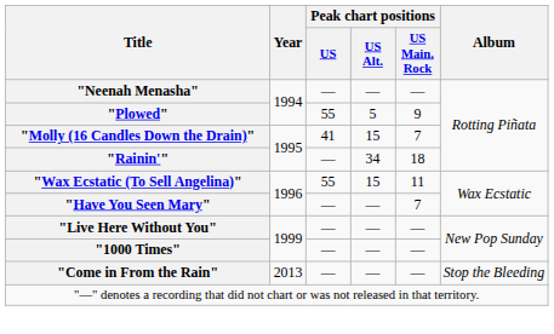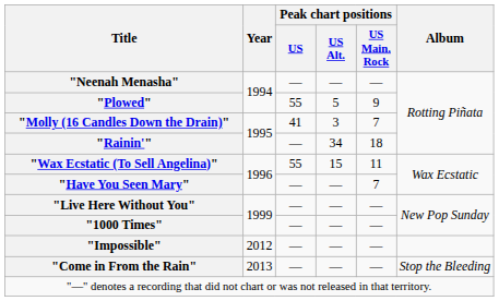 <table class="wikitable plainrowheaders" style="text-align:center;">
 <tr>
 <th scope="col" rowspan="2" style="width:18em;">Title</th>
 <th scope="col" rowspan="2">Year</th>
 <th scope="col" colspan="3">Peak chart positions</th>
 <th scope="col" rowspan="2">Album</th>
 </tr>
 <tr>
 <th scope="col" style="width:3em;font-size:90%;"><a href='#'>US</a><br></th>
 <th scope="col" style="width:3em;font-size:90%;"><a href='#'>US Alt.</a><br></th>
 <th scope="col" style="width:3em;font-size:90%;"><a href='#'>US Main. Rock</a><br></th>
 </tr>
 <tr>
 <th scope="row">"Neenah Menasha"</th>
 <td rowspan="2">1994</td>
 <td>—</td>
 <td>—</td>
 <td>—</td>
 <td rowspan="4"><em>Rotting Piñata</em></td>
 </tr>
 <tr>
 <th scope="row">"<a href='#'>Plowed</a>"</th>
 <td>55</td>
 <td>5</td>
 <td>9</td>
 </tr>
 <tr>
 <th scope="row">"<a href='#'>Molly (16 Candles Down the Drain)</a>"</th>
 <td rowspan="2">1995</td>
 <td>41</td>
-<td>15</td>
+<td>3</td>
 <td>7</td>
 </tr>
 <tr>
 <th scope="row">"<a href='#'>Rainin'</a>"</th>
 <td>—</td>
 <td>34</td>
 <td>18</td>
 </tr>
 <tr>
 <th scope="row">"<a href='#'>Wax Ecstatic (To Sell Angelina)</a>"</th>
 <td rowspan="2">1996</td>
 <td>55</td>
 <td>15</td>
 <td>11</td>
 <td rowspan="2"><em>Wax Ecstatic</em></td>
 </tr>
 <tr>
 <th scope="row">"<a href='#'>Have You Seen Mary</a>"</th>
 <td>—</td>
 <td>—</td>
 <td>7</td>
 </tr>
 <tr>
 <th scope="row">"Live Here Without You"</th>
 <td rowspan="2">1999</td>
 <td>—</td>
 <td>—</td>
 <td>—</td>
 <td rowspan="2"><em>New Pop Sunday</em></td>
 </tr>
 <tr>
 <th scope="row">"1000 Times"</th>
 <td>—</td>
 <td>—</td>
 <td>—</td>
 </tr>
 <tr>
+<th scope="row">"Impossible"</th>
+<td>2012</td>
+<td>—</td>
+<td>—</td>
+<td>—</td>
+<td></td>
+</tr>
+<tr>
 <th scope="row">"Come in From the Rain"</th>
 <td>2013</td>
 <td>—</td>
 <td>—</td>
 <td>—</td>
 <td><em>Stop the Bleeding</em></td>
 </tr>
 <tr>
 <td colspan="6" style="font-size:90%">"—" denotes a recording that did not chart or was not released in that territory.</td>
 </tr>
 </table>
